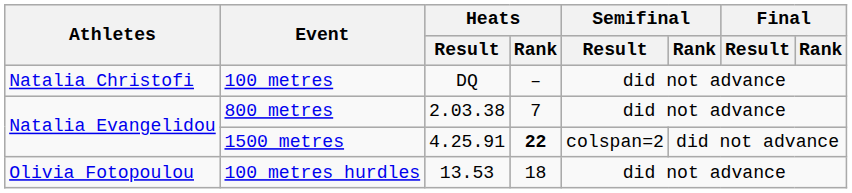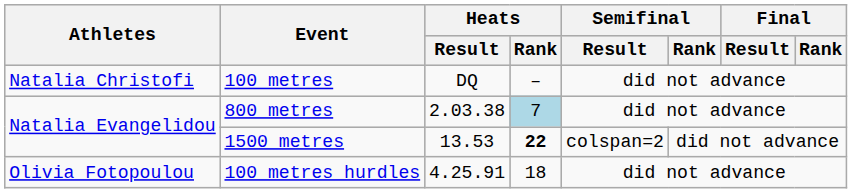 <table class="wikitable" border="1" style="font-size:90%">
 <tr>
 <th rowspan="2">Athletes</th>
 <th rowspan="2">Event</th>
 <th colspan="2">Heats</th>
 <th colspan="2">Semifinal</th>
 <th colspan="2">Final</th>
 </tr>
 <tr>
 <th>Result</th>
 <th>Rank</th>
 <th>Result</th>
 <th>Rank</th>
 <th>Result</th>
 <th>Rank</th>
 </tr>
 <tr>
 <td><a href='#'>Natalia Christofi</a></td>
 <td><a href='#'>100 metres</a></td>
 <td align=center>DQ</td>
 <td align=center>–</td>
 <td align=center colspan=4>did not advance</td>
 </tr>
 <tr>
 <td rowspan=2><a href='#'>Natalia Evangelidou</a></td>
 <td><a href='#'>800 metres</a></td>
 <td align=center>2.03.38</td>
-<td align=center>7</td>
+<td align=center style="background: lightblue;">7</td>
 <td align=center colspan=4>did not advance</td>
 </tr>
 <tr>
 <td><a href='#'>1500 metres</a></td>
-<td align=center>4.25.91</td>
+<td align=center>13.53</td>
 <td align=center><strong>22</strong></td>
 <td>colspan=2</td>
 <td align=center colspan=4>did not advance</td>
 </tr>
 <tr>
 <td><a href='#'>Olivia Fotopoulou</a></td>
 <td><a href='#'>100 metres hurdles</a></td>
-<td align=center>13.53</td>
+<td align=center>4.25.91</td>
 <td align=center>18</td>
 <td align=center colspan=4>did not advance</td>
 </tr>
 </table>
